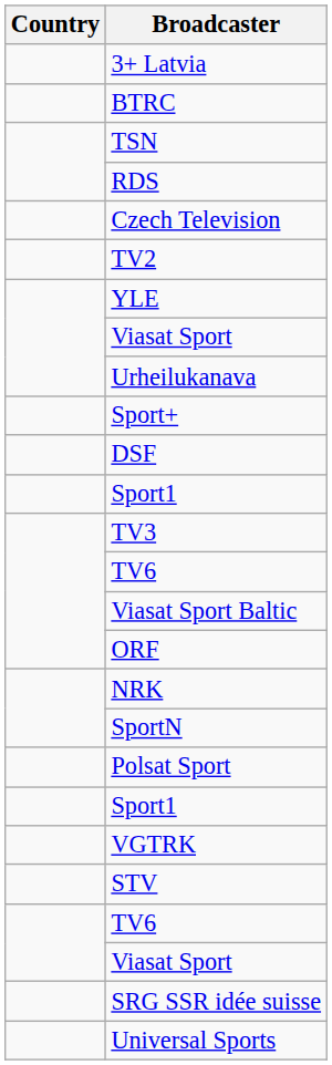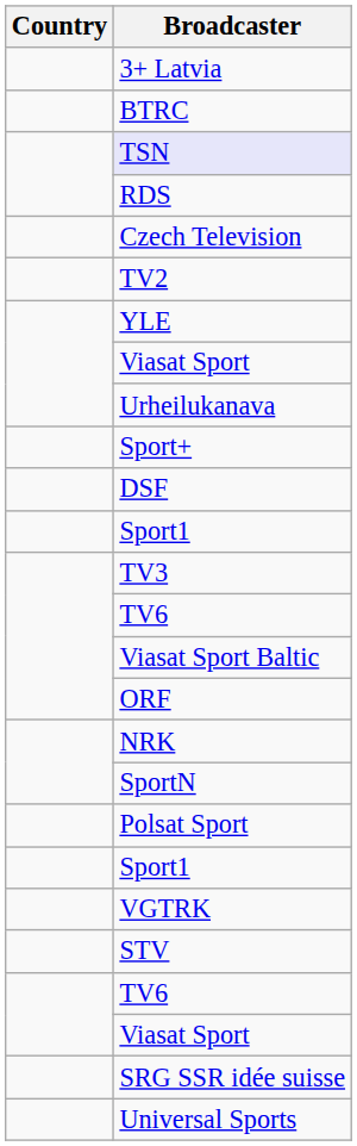 <table class="wikitable" style="float:left; margin-right:1em">
 <tr>
 <th>Country</th>
 <th>Broadcaster</th>
 </tr>
 <tr>
 <td align=left></td>
 <td><a href='#'>3+ Latvia</a></td>
 </tr>
 <tr>
 <td align=left></td>
 <td><a href='#'>BTRC</a></td>
 </tr>
 <tr>
 <td align=left rowspan="2"></td>
-<td><a href='#'>TSN</a></td>
+<td style="background: lavender;"><a href='#'>TSN</a></td>
 </tr>
 <tr>
 <td><a href='#'>RDS</a></td>
 </tr>
 <tr>
 <td></td>
 <td><a href='#'>Czech Television</a></td>
 </tr>
 <tr>
 <td></td>
 <td><a href='#'>TV2</a></td>
 </tr>
 <tr>
 <td align=left rowspan="3"></td>
 <td><a href='#'>YLE</a></td>
 </tr>
 <tr>
 <td><a href='#'>Viasat Sport</a></td>
 </tr>
 <tr>
 <td><a href='#'>Urheilukanava</a></td>
 </tr>
 <tr>
 <td></td>
 <td><a href='#'>Sport+</a></td>
 </tr>
 <tr>
 <td></td>
 <td><a href='#'>DSF</a></td>
 </tr>
 <tr>
 <td></td>
 <td><a href='#'>Sport1</a></td>
 </tr>
 <tr>
 <td align=left rowspan="4"></td>
 <td><a href='#'>TV3</a></td>
 </tr>
 <tr>
 <td><a href='#'>TV6</a></td>
 </tr>
 <tr>
 <td><a href='#'>Viasat Sport Baltic</a></td>
 </tr>
 <tr>
 <td><a href='#'>ORF</a></td>
 </tr>
 <tr>
 <td align=left rowspan="2"></td>
 <td><a href='#'>NRK</a></td>
 </tr>
 <tr>
 <td><a href='#'>SportN</a></td>
 </tr>
 <tr>
 <td></td>
 <td><a href='#'>Polsat Sport</a></td>
 </tr>
 <tr>
 <td></td>
 <td><a href='#'>Sport1</a></td>
 </tr>
 <tr>
 <td align=left></td>
 <td><a href='#'>VGTRK</a></td>
 </tr>
 <tr>
 <td></td>
 <td><a href='#'>STV</a></td>
 </tr>
 <tr>
 <td align=left rowspan="2"></td>
 <td><a href='#'>TV6</a></td>
 </tr>
 <tr>
 <td><a href='#'>Viasat Sport</a></td>
 </tr>
 <tr>
 <td align=left></td>
 <td><a href='#'>SRG SSR idée suisse</a></td>
 </tr>
 <tr>
 <td align=left></td>
 <td><a href='#'>Universal Sports</a></td>
 </tr>
 </table>
